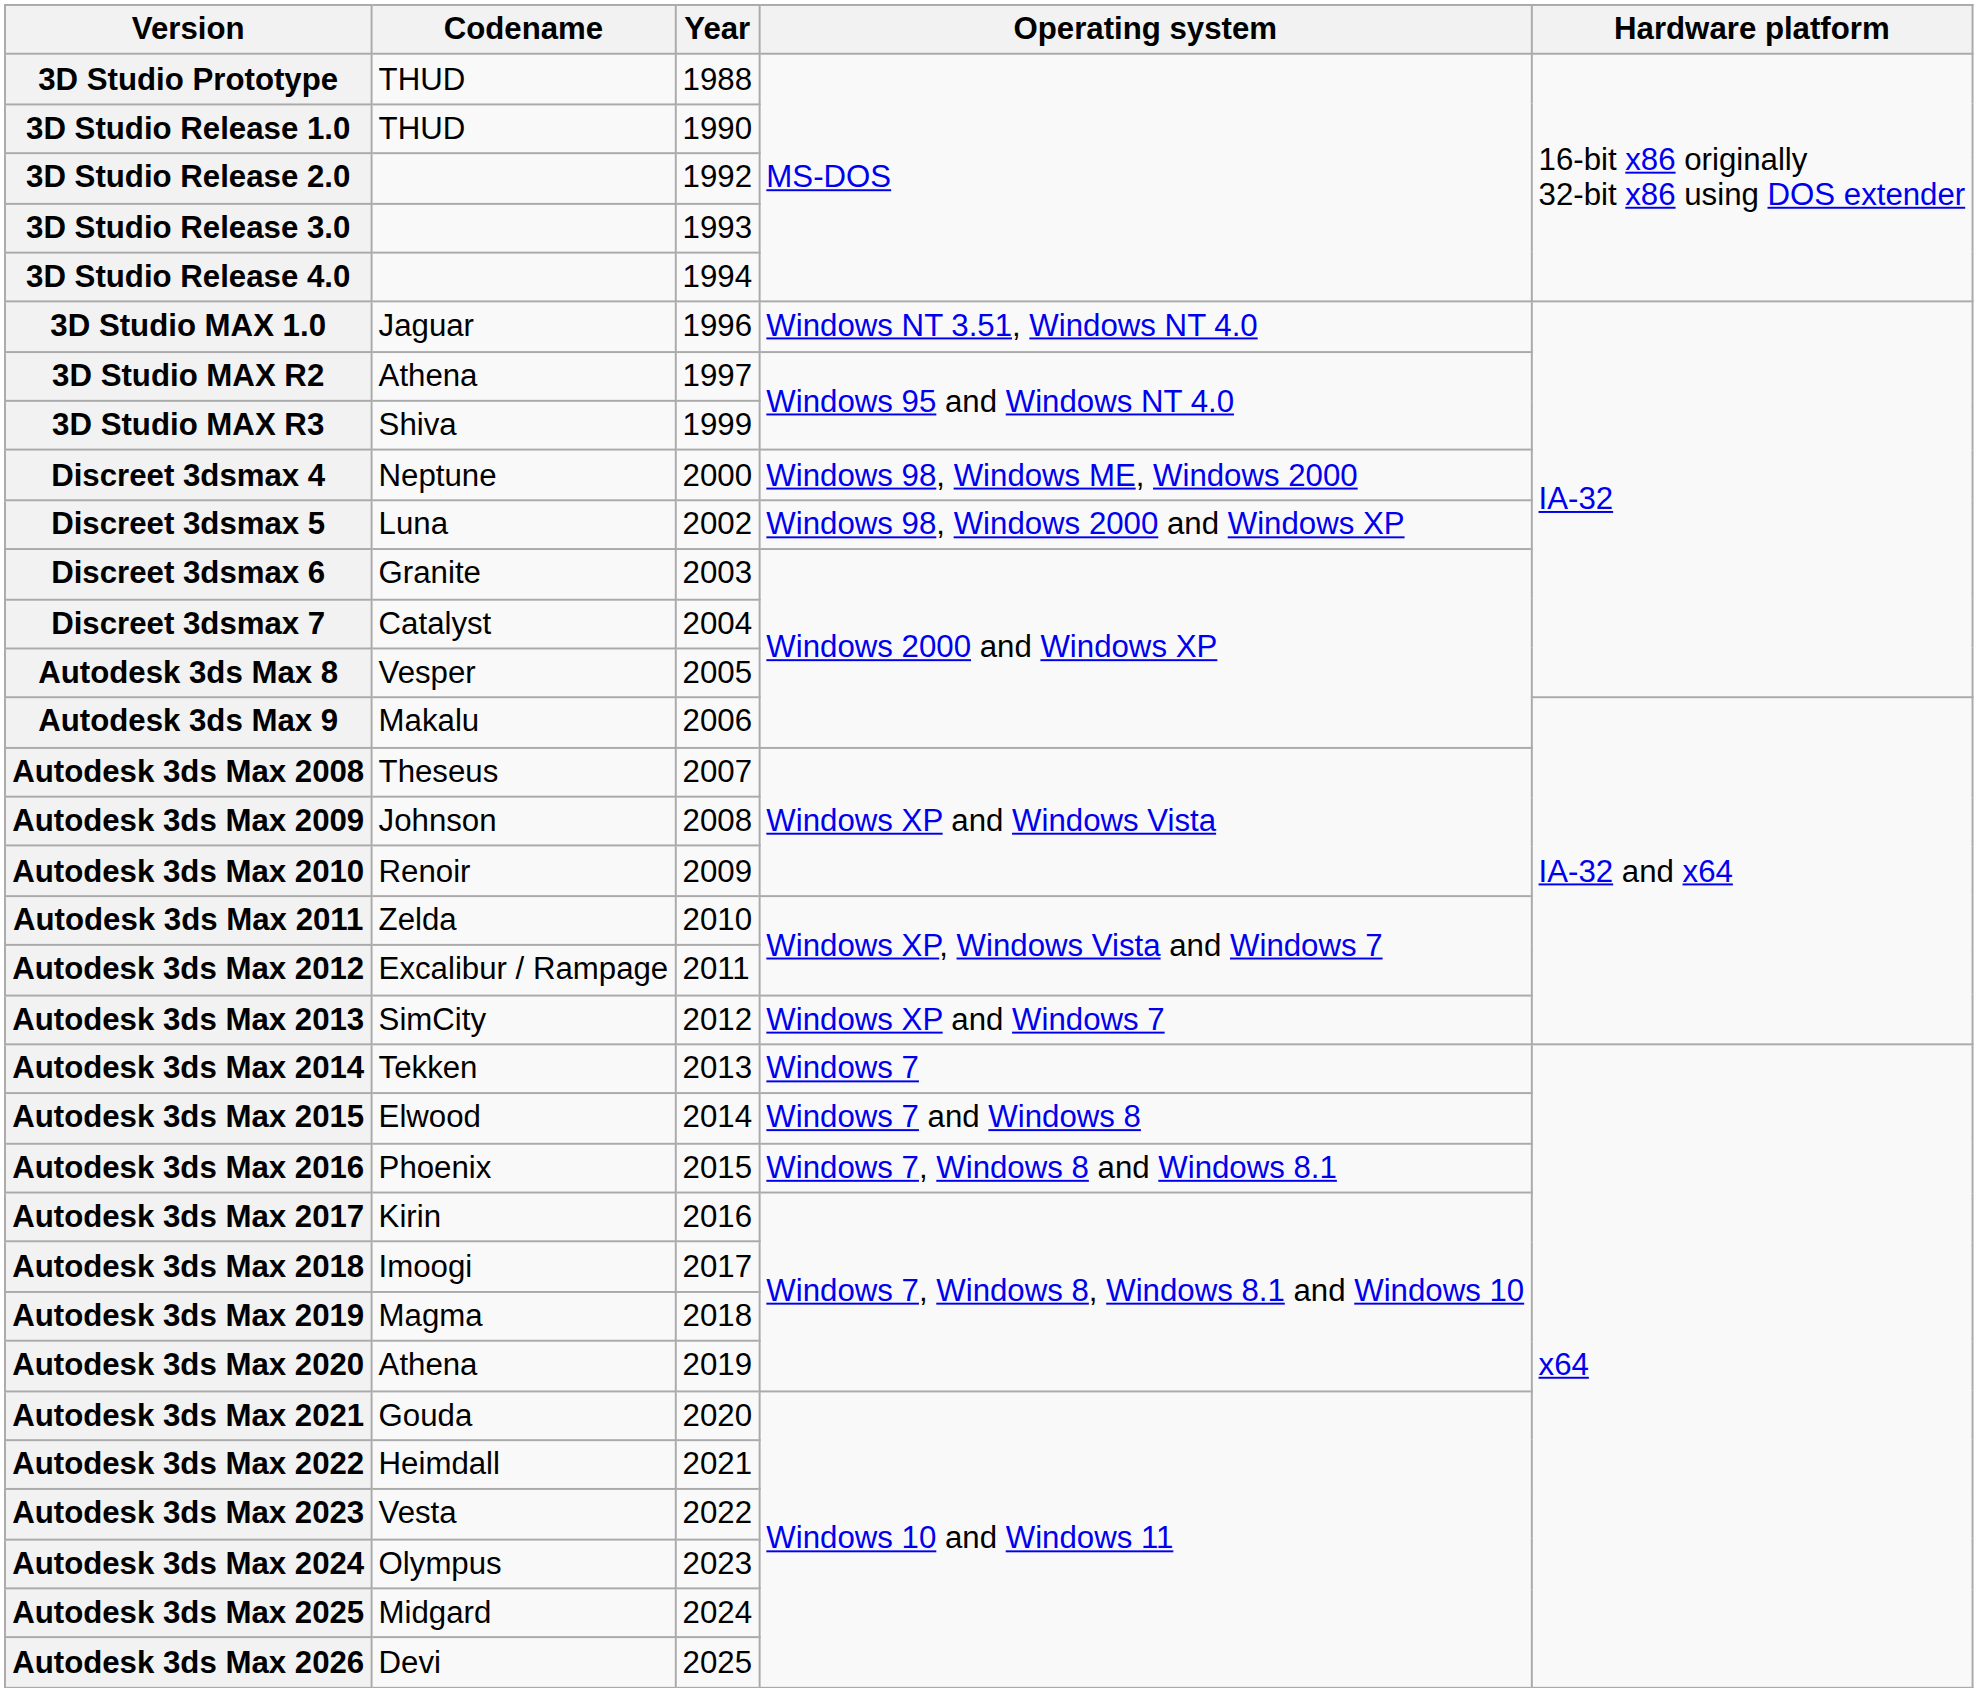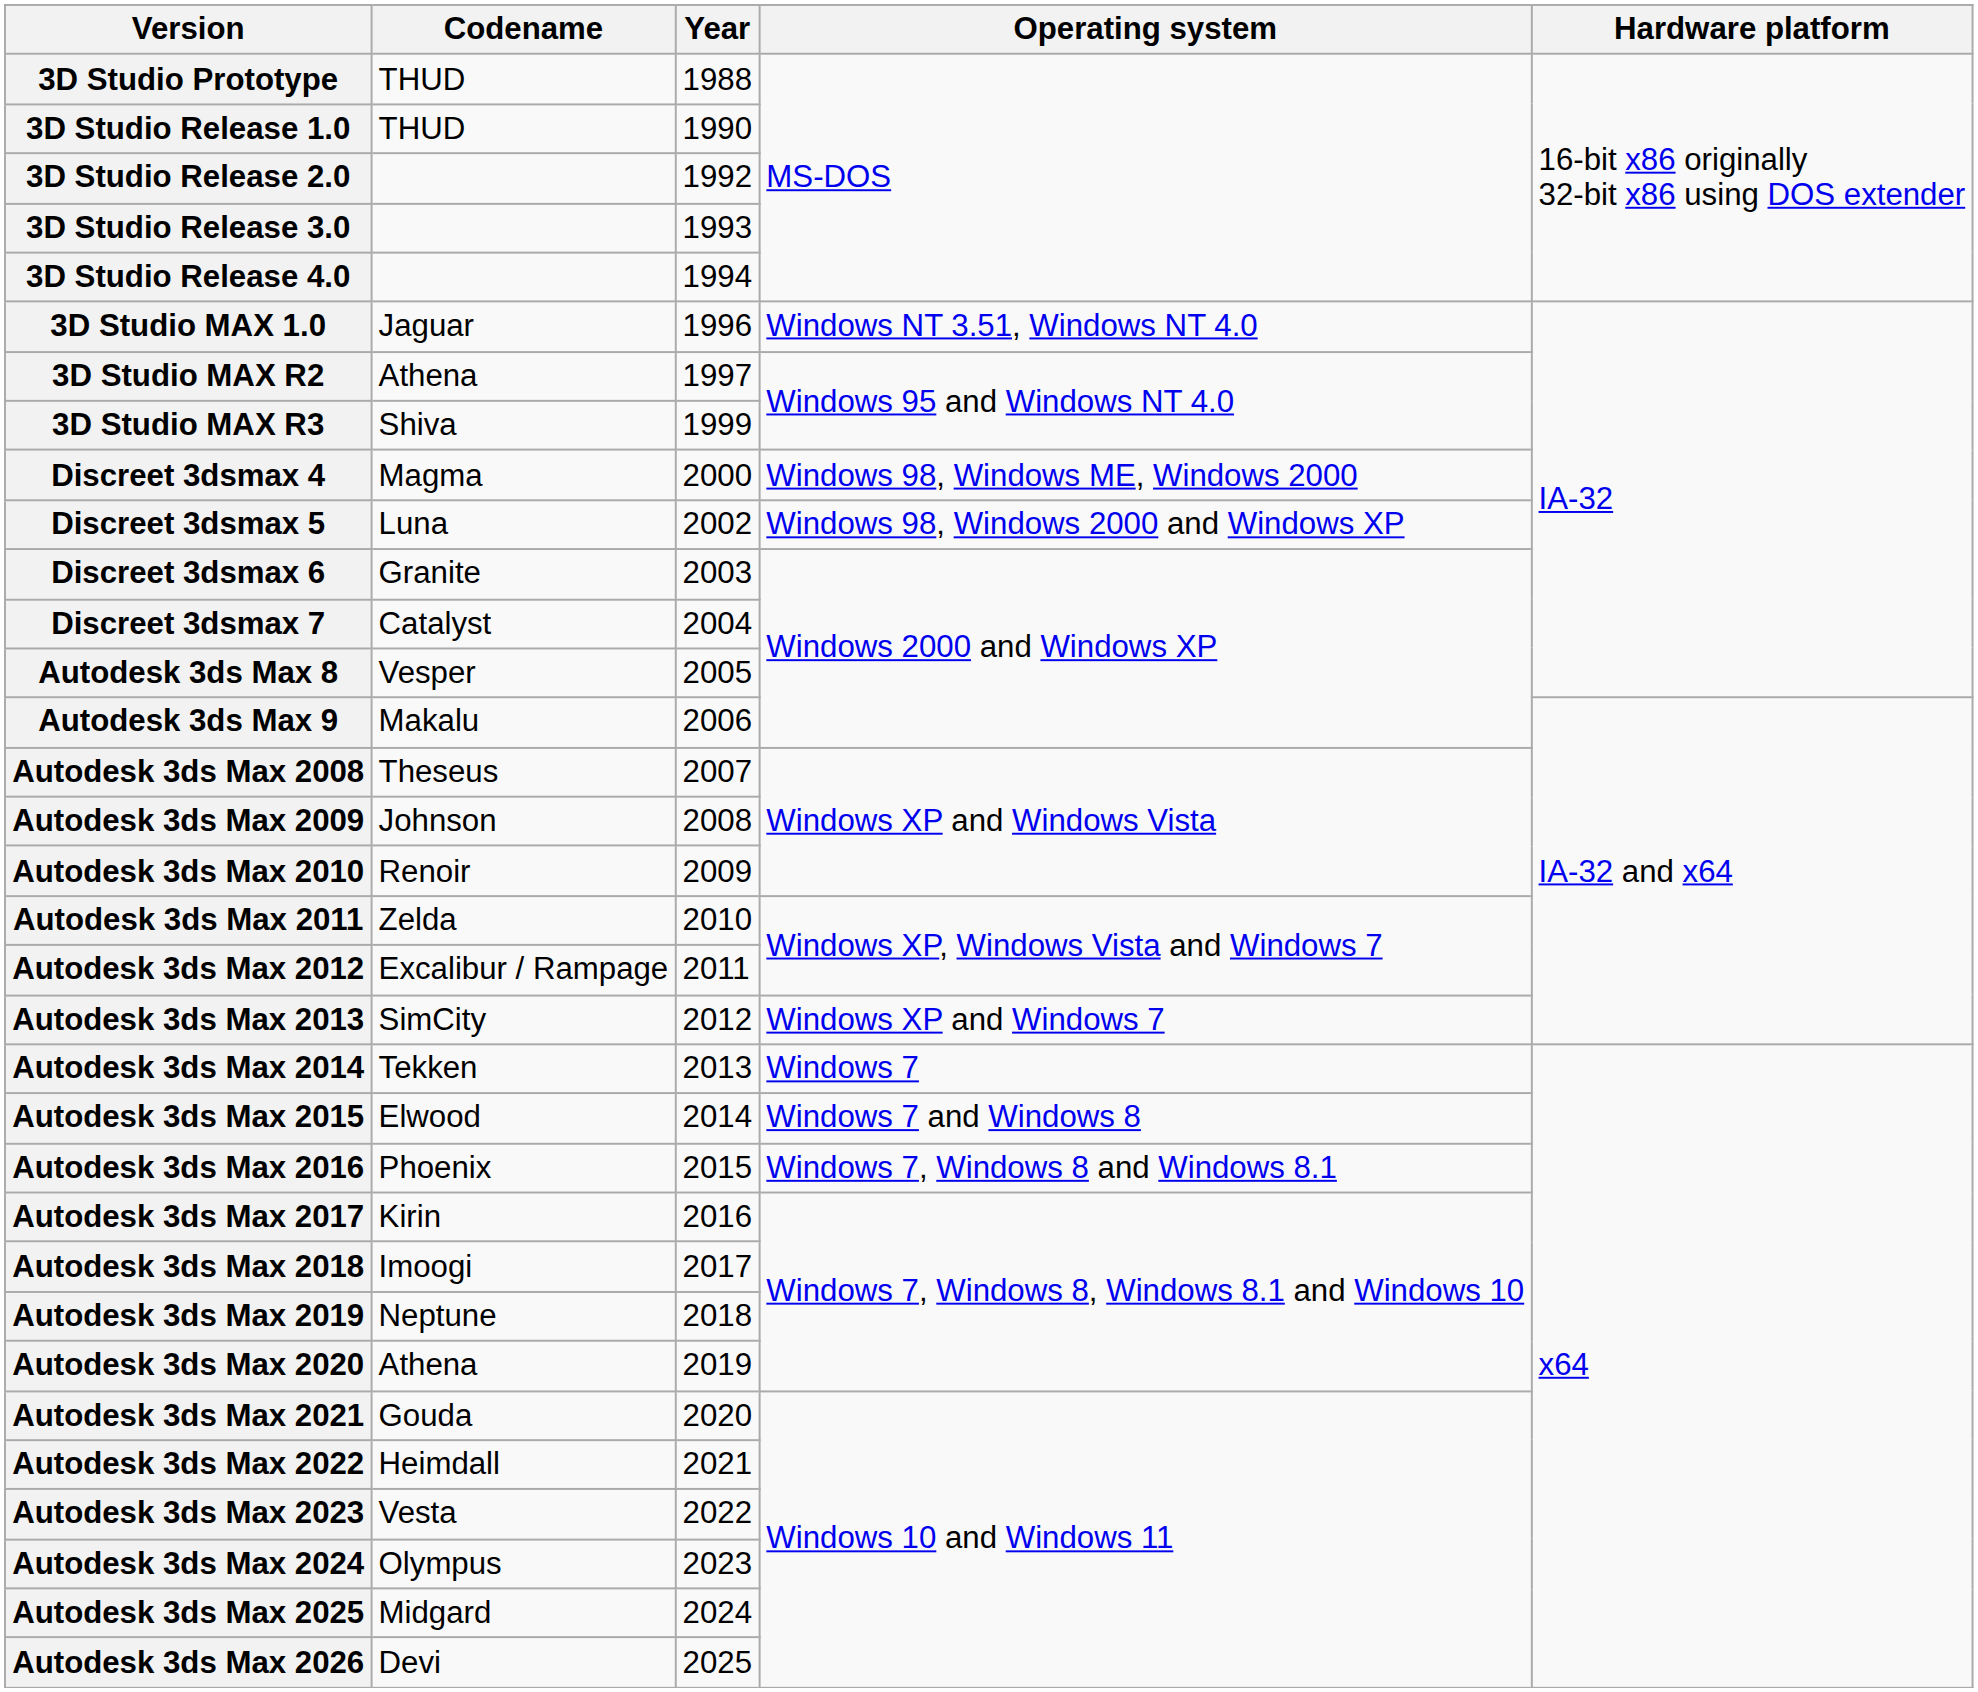 <table class="wikitable sortable mw-collapsible mw-collapsed">
 <tr>
 <th scope="col">Version</th>
 <th scope="col">Codename</th>
 <th scope="col">Year</th>
 <th scope="col">Operating system</th>
 <th scope="col">Hardware platform</th>
 </tr>
 <tr>
 <th scope="row">3D Studio Prototype</th>
 <td>THUD</td>
 <td>1988</td>
 <td rowspan="5"><a href='#'>MS-DOS</a></td>
 <td rowspan="5">16-bit <a href='#'>x86</a> originally<br>32-bit <a href='#'>x86</a> using <a href='#'>DOS extender</a></td>
 </tr>
 <tr>
 <th scope="row">3D Studio Release 1.0</th>
 <td>THUD</td>
 <td>1990</td>
 </tr>
 <tr>
 <th scope="row">3D Studio Release 2.0</th>
 <td></td>
 <td>1992</td>
 </tr>
 <tr>
 <th scope="row">3D Studio Release 3.0</th>
 <td></td>
 <td>1993</td>
 </tr>
 <tr>
 <th scope="row">3D Studio Release 4.0</th>
 <td></td>
 <td>1994</td>
 </tr>
 <tr>
 <th scope="row">3D Studio MAX 1.0</th>
 <td>Jaguar</td>
 <td>1996</td>
 <td><a href='#'>Windows NT 3.51</a>, <a href='#'>Windows NT 4.0</a></td>
 <td rowspan="8"><a href='#'>IA-32</a></td>
 </tr>
 <tr>
 <th scope="row">3D Studio MAX R2</th>
 <td>Athena</td>
 <td>1997</td>
 <td rowspan="2"><a href='#'>Windows 95</a> and <a href='#'>Windows NT 4.0</a></td>
 </tr>
 <tr>
 <th scope="row">3D Studio MAX R3</th>
 <td>Shiva</td>
 <td>1999</td>
 </tr>
 <tr>
 <th scope="row">Discreet 3dsmax 4</th>
-<td>Neptune</td>
+<td>Magma</td>
 <td>2000</td>
 <td><a href='#'>Windows 98</a>, <a href='#'>Windows ME</a>, <a href='#'>Windows 2000</a></td>
 </tr>
 <tr>
 <th scope="row">Discreet 3dsmax 5</th>
 <td>Luna</td>
 <td>2002</td>
 <td><a href='#'>Windows 98</a>, <a href='#'>Windows 2000</a> and <a href='#'>Windows XP</a></td>
 </tr>
 <tr>
 <th scope="row">Discreet 3dsmax 6</th>
 <td>Granite</td>
 <td>2003</td>
 <td rowspan="4"><a href='#'>Windows 2000</a> and <a href='#'>Windows XP</a></td>
 </tr>
 <tr>
 <th scope="row">Discreet 3dsmax 7</th>
 <td>Catalyst</td>
 <td>2004</td>
 </tr>
 <tr>
 <th scope="row">Autodesk 3ds Max 8</th>
 <td>Vesper</td>
 <td>2005</td>
 </tr>
 <tr>
 <th scope="row">Autodesk 3ds Max 9</th>
 <td>Makalu</td>
 <td>2006</td>
 <td rowspan="7"><a href='#'>IA-32</a> and <a href='#'>x64</a></td>
 </tr>
 <tr>
 <th scope="row">Autodesk 3ds Max 2008</th>
 <td>Theseus</td>
 <td>2007</td>
 <td rowspan="3"><a href='#'>Windows XP</a> and <a href='#'>Windows Vista</a></td>
 </tr>
 <tr>
 <th scope="row">Autodesk 3ds Max 2009</th>
 <td>Johnson</td>
 <td>2008</td>
 </tr>
 <tr>
 <th scope="row">Autodesk 3ds Max 2010</th>
 <td>Renoir</td>
 <td>2009</td>
 </tr>
 <tr>
 <th scope="row">Autodesk 3ds Max 2011</th>
 <td>Zelda</td>
 <td>2010</td>
 <td rowspan="2"><a href='#'>Windows XP</a>, <a href='#'>Windows Vista</a> and <a href='#'>Windows 7</a></td>
 </tr>
 <tr>
 <th scope="row">Autodesk 3ds Max 2012</th>
 <td>Excalibur / Rampage</td>
 <td>2011</td>
 </tr>
 <tr>
 <th scope="row">Autodesk 3ds Max 2013</th>
 <td>SimCity</td>
 <td>2012</td>
 <td><a href='#'>Windows XP</a> and <a href='#'>Windows 7</a></td>
 </tr>
 <tr>
 <th scope="row">Autodesk 3ds Max 2014</th>
 <td>Tekken</td>
 <td>2013</td>
 <td><a href='#'>Windows 7</a></td>
 <td rowspan="13"><a href='#'>x64</a></td>
 </tr>
 <tr>
 <th scope="row">Autodesk 3ds Max 2015</th>
 <td>Elwood</td>
 <td>2014</td>
 <td><a href='#'>Windows 7</a> and <a href='#'>Windows 8</a></td>
 </tr>
 <tr>
 <th scope="row">Autodesk 3ds Max 2016</th>
 <td>Phoenix</td>
 <td>2015</td>
 <td><a href='#'>Windows 7</a>, <a href='#'>Windows 8</a> and <a href='#'>Windows 8.1</a></td>
 </tr>
 <tr>
 <th scope="row">Autodesk 3ds Max 2017</th>
 <td>Kirin</td>
 <td>2016</td>
 <td rowspan="4"><a href='#'>Windows 7</a>, <a href='#'>Windows 8</a>, <a href='#'>Windows 8.1</a> and <a href='#'>Windows 10</a></td>
 </tr>
 <tr>
 <th scope="row">Autodesk 3ds Max 2018</th>
 <td>Imoogi</td>
 <td>2017</td>
 </tr>
 <tr>
 <th>Autodesk 3ds Max 2019</th>
-<td>Magma</td>
+<td>Neptune</td>
 <td>2018</td>
 </tr>
 <tr>
 <th>Autodesk 3ds Max 2020</th>
 <td>Athena</td>
 <td>2019</td>
 </tr>
 <tr>
 <th>Autodesk 3ds Max 2021</th>
 <td>Gouda</td>
 <td>2020</td>
 <td rowspan="6"><a href='#'>Windows 10</a> and <a href='#'>Windows 11</a></td>
 </tr>
 <tr>
 <th>Autodesk 3ds Max 2022</th>
 <td>Heimdall</td>
 <td>2021</td>
 </tr>
 <tr>
 <th>Autodesk 3ds Max 2023</th>
 <td>Vesta</td>
 <td>2022</td>
 </tr>
 <tr>
 <th>Autodesk 3ds Max 2024</th>
 <td>Olympus</td>
 <td>2023</td>
 </tr>
 <tr>
 <th>Autodesk 3ds Max 2025</th>
 <td>Midgard</td>
 <td>2024</td>
 </tr>
 <tr>
 <th>Autodesk 3ds Max 2026</th>
 <td>Devi</td>
 <td>2025</td>
 </tr>
 </table>
